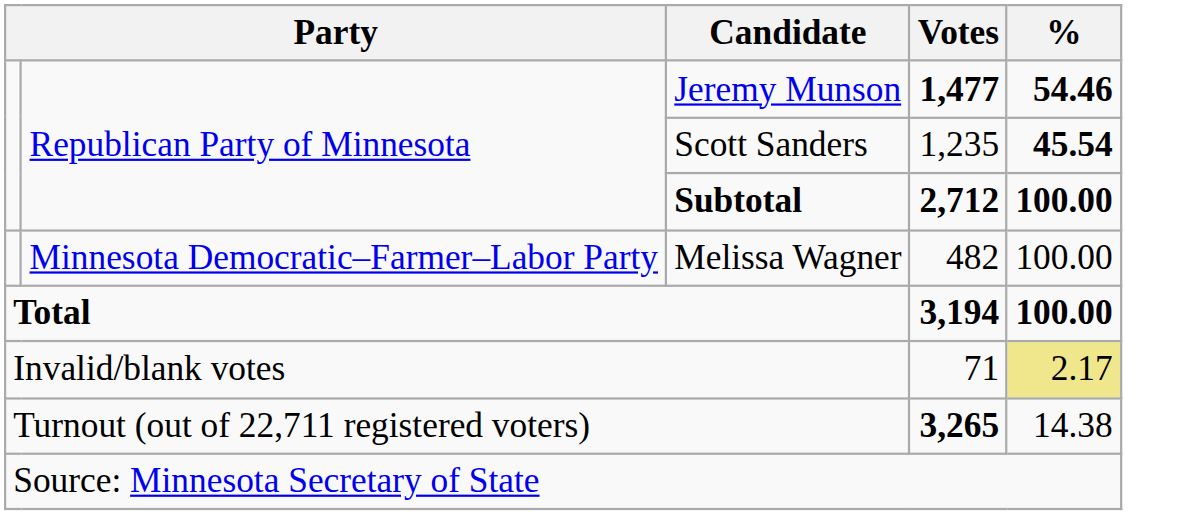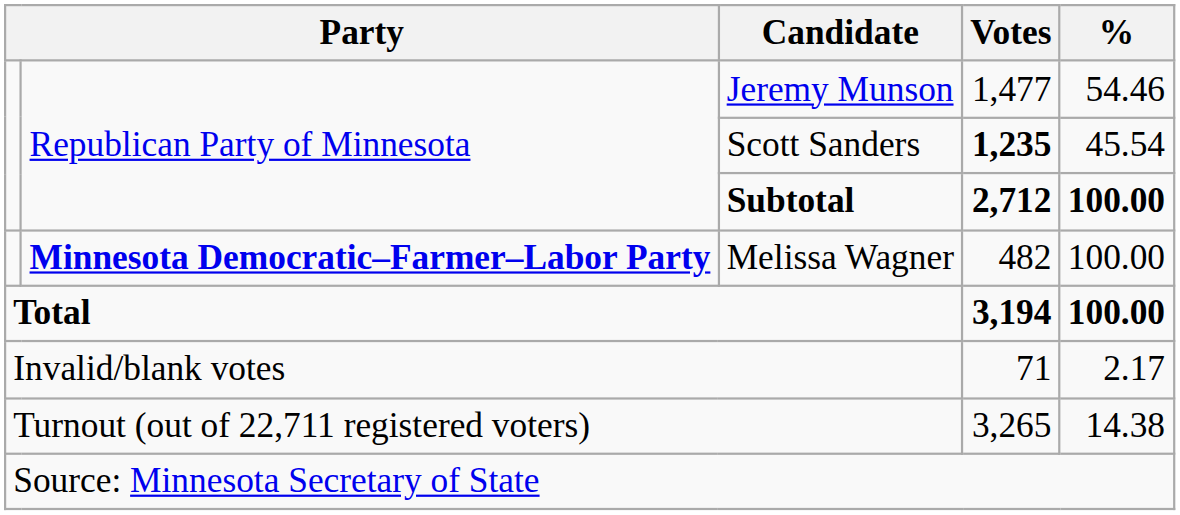 <table class="wikitable">
 <tr>
 <th colspan="2">Party</th>
 <th>Candidate</th>
 <th>Votes</th>
 <th>%</th>
 </tr>
 <tr>
 <td rowspan="3" style="background-color:"></td>
 <td rowspan="3"><a href='#'>Republican Party of Minnesota</a></td>
 <td><a href='#'>Jeremy Munson</a></td>
-<td align="right"><strong>1,477</strong></td>
-<td align="right"><strong>54.46</strong></td>
+<td align="right">1,477</td>
+<td align="right">54.46</td>
 </tr>
 <tr>
 <td>Scott Sanders</td>
-<td align="right">1,235</td>
-<td align="right"><strong>45.54</strong></td>
+<td align="right"><strong>1,235</strong></td>
+<td align="right">45.54</td>
 </tr>
 <tr>
 <td><strong>Subtotal</strong></td>
 <td align="right"><strong>2,712</strong></td>
 <td align="right"><strong>100.00</strong></td>
 </tr>
 <tr>
 <td style="background-color:"></td>
-<td><a href='#'>Minnesota Democratic–Farmer–Labor Party</a></td>
+<td><strong><a href='#'>Minnesota Democratic–Farmer–Labor Party</a></strong></td>
 <td>Melissa Wagner</td>
 <td align="right">482</td>
 <td align="right">100.00</td>
 </tr>
 <tr>
 <td colspan="3"><strong>Total</strong></td>
 <td align="right"><strong>3,194</strong></td>
 <td align="right"><strong>100.00</strong></td>
 </tr>
 <tr>
 <td colspan="3">Invalid/blank votes</td>
 <td align="right">71</td>
-<td align="right" style="background: khaki;">2.17</td>
+<td align="right">2.17</td>
 </tr>
 <tr>
 <td colspan="3">Turnout (out of 22,711 registered voters)</td>
-<td align="right"><strong>3,265</strong></td>
+<td align="right">3,265</td>
 <td align="right">14.38</td>
 </tr>
 <tr>
 <td colspan="5">Source: <a href='#'>Minnesota Secretary of State</a></td>
 </tr>
 </table>
